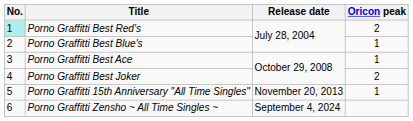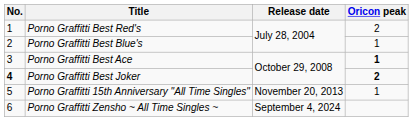 <table class="wikitable">
 <tr>
 <th>No.</th>
 <th>Title</th>
 <th>Release date</th>
 <th><a href='#'>Oricon</a> peak</th>
 </tr>
 <tr>
-<td style="background: paleturquoise;">1</td>
+<td>1</td>
 <td><em>Porno Graffitti Best Red's</em></td>
 <td rowspan = 2>July 28, 2004</td>
 <td style="text-align:center;">2</td>
 </tr>
 <tr>
 <td>2</td>
 <td><em>Porno Graffitti Best Blue's</em></td>
 <td style="text-align:center;">1</td>
 </tr>
 <tr>
 <td>3</td>
 <td><em>Porno Graffitti Best Ace</em></td>
 <td rowspan = 2>October 29, 2008</td>
-<td style="text-align:center;">1</td>
+<td style="text-align:center;"><strong>1</strong></td>
 </tr>
 <tr>
-<td>4</td>
+<td><strong>4</strong></td>
 <td><em>Porno Graffitti Best Joker</em></td>
-<td style="text-align:center;">2</td>
+<td style="text-align:center;"><strong>2</strong></td>
 </tr>
 <tr>
 <td>5</td>
 <td><em>Porno Graffitti 15th Anniversary "All Time Singles"</em></td>
 <td>November 20, 2013</td>
 <td style="text-align:center;">1</td>
 </tr>
 <tr>
 <td>6</td>
 <td><em>Porno Graffitti Zensho ~ All Time Singles ~</em></td>
 <td>September 4, 2024</td>
 <td></td>
 </tr>
 </table>
